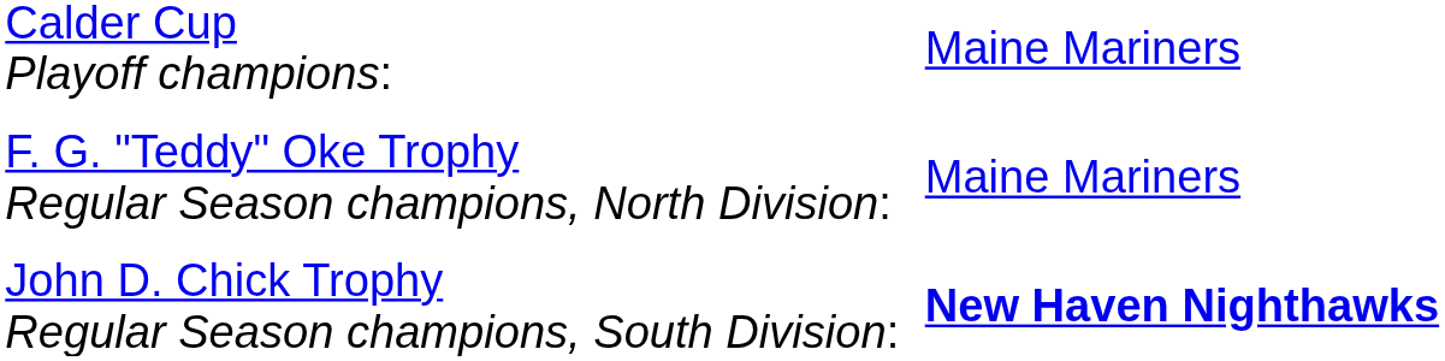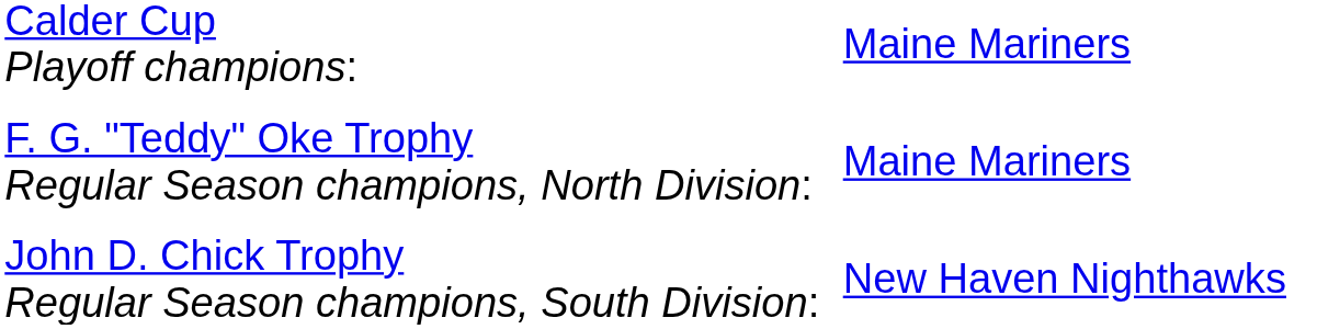 <table cellpadding="3" cellspacing="3">
 <tr>
 <td><a href='#'>Calder Cup</a><br><em>Playoff champions</em>:</td>
 <td><a href='#'>Maine Mariners</a></td>
 </tr>
 <tr>
 <td><a href='#'>F. G. "Teddy" Oke Trophy</a><br><em>Regular Season champions, North Division</em>:</td>
 <td><a href='#'>Maine Mariners</a></td>
 </tr>
 <tr>
 <td><a href='#'>John D. Chick Trophy</a><br><em>Regular Season champions, South Division</em>:</td>
-<td><strong><a href='#'>New Haven Nighthawks</a></strong></td>
+<td><a href='#'>New Haven Nighthawks</a></td>
 </tr>
 </table>
